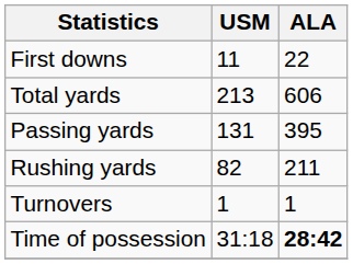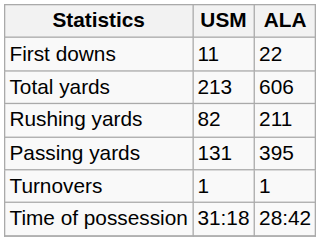 <table class="wikitable">
 <tr>
 <th>Statistics</th>
 <th>USM</th>
 <th>ALA</th>
 </tr>
 <tr>
 <td>First downs</td>
 <td>11</td>
 <td>22</td>
 </tr>
 <tr>
 <td>Total yards</td>
 <td>213</td>
 <td>606</td>
 </tr>
 <tr>
+<td>Rushing yards</td>
+<td>82</td>
+<td>211</td>
+</tr>
+<tr>
 <td>Passing yards</td>
 <td>131</td>
 <td>395</td>
-</tr>
-<tr>
-<td>Rushing yards</td>
-<td>82</td>
-<td>211</td>
 </tr>
 <tr>
 <td>Turnovers</td>
 <td>1</td>
 <td>1</td>
 </tr>
 <tr>
 <td>Time of possession</td>
 <td>31:18</td>
-<td><strong>28:42</strong></td>
+<td>28:42</td>
 </tr>
 <tr>
 </tr>
 </table>
